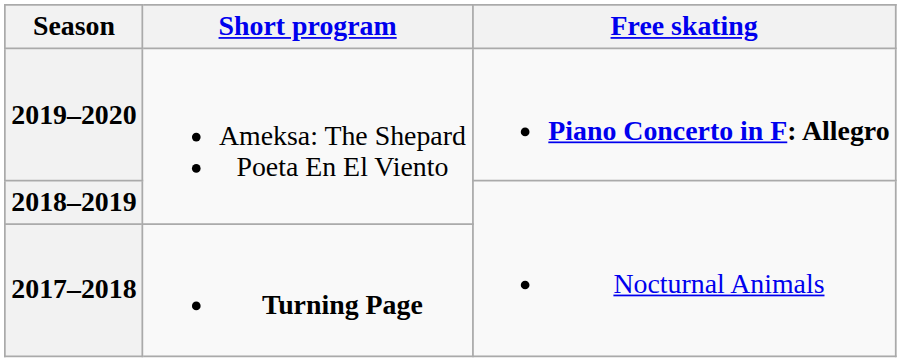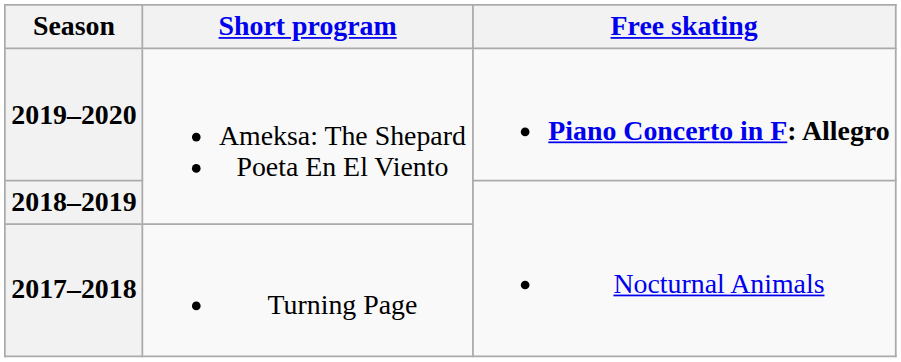 <table class=wikitable style=text-align:center>
 <tr>
 <th>Season</th>
 <th><a href='#'>Short program</a></th>
 <th><a href='#'>Free skating</a></th>
 </tr>
 <tr>
 <th>2019–2020 <br> </th>
 <td rowspan=2><br><ul><li>Ameksa: The Shepard <br></li><li>Poeta En El Viento <br></li></ul></td>
 <td><strong><br><ul><li><a href='#'>Piano Concerto in F</a>: Allegro <br></li></ul></strong></td>
 </tr>
 <tr>
 <th>2018–2019 <br> </th>
 <td rowspan=2><br><ul><li><a href='#'>Nocturnal Animals</a> <br></li></ul></td>
 </tr>
 <tr>
 <th>2017–2018 <br> </th>
-<td><strong><br><ul><li>Turning Page <br></li></ul></strong></td>
+<td><br><ul><li>Turning Page <br></li></ul></td>
 </tr>
 </table>
